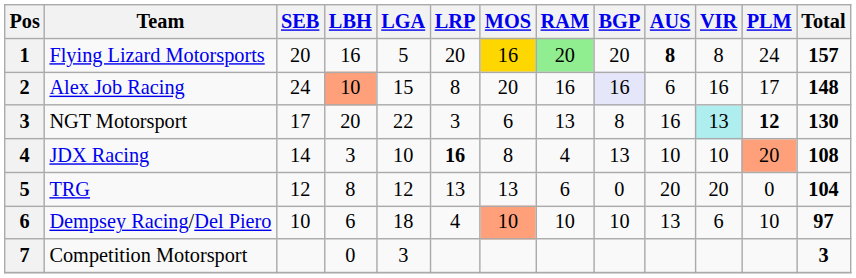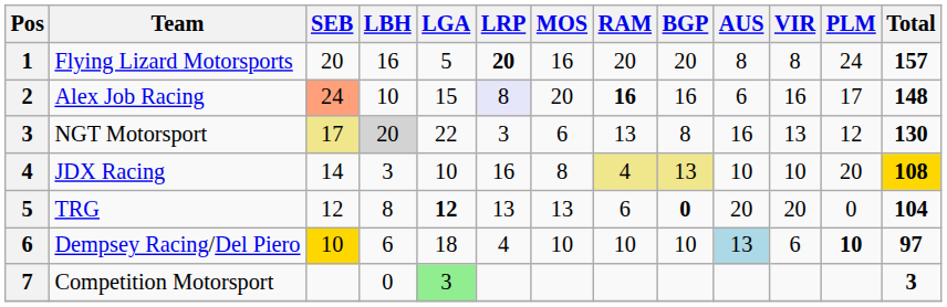 <table class="wikitable" style="font-size: 90%; text-align:center;">
 <tr>
 <th>Pos</th>
 <th>Team</th>
 <th><a href='#'>SEB</a></th>
 <th><a href='#'>LBH</a></th>
 <th><a href='#'>LGA</a></th>
 <th><a href='#'>LRP</a></th>
 <th><a href='#'>MOS</a></th>
 <th><a href='#'>RAM</a></th>
 <th><a href='#'>BGP</a></th>
 <th><a href='#'>AUS</a></th>
 <th><a href='#'>VIR</a></th>
 <th><a href='#'>PLM</a></th>
 <th>Total</th>
 </tr>
 <tr>
 <th>1</th>
 <td align=left> <a href='#'>Flying Lizard Motorsports</a></td>
 <td>20</td>
 <td>16</td>
 <td>5</td>
+<td><strong>20</strong></td>
+<td>16</td>
 <td>20</td>
-<td style="background: gold;">16</td>
-<td style="background: lightgreen;">20</td>
 <td>20</td>
-<td><strong>8</strong></td>
+<td>8</td>
 <td>8</td>
 <td>24</td>
 <td><strong>157</strong></td>
 </tr>
 <tr>
 <th>2</th>
 <td align=left> <a href='#'>Alex Job Racing</a></td>
-<td>24</td>
-<td style="background: lightsalmon;">10</td>
+<td style="background: lightsalmon;">24</td>
+<td>10</td>
 <td>15</td>
-<td>8</td>
+<td style="background: lavender;">8</td>
 <td>20</td>
+<td><strong>16</strong></td>
 <td>16</td>
-<td style="background: lavender;">16</td>
 <td>6</td>
 <td>16</td>
 <td>17</td>
 <td><strong>148</strong></td>
 </tr>
 <tr>
 <th>3</th>
 <td align=left> NGT Motorsport</td>
-<td>17</td>
-<td>20</td>
+<td style="background: khaki;">17</td>
+<td style="background: lightgrey;">20</td>
 <td>22</td>
 <td>3</td>
 <td>6</td>
 <td>13</td>
 <td>8</td>
 <td>16</td>
-<td style="background: paleturquoise;">13</td>
-<td><strong>12</strong></td>
+<td>13</td>
+<td>12</td>
 <td><strong>130</strong></td>
 </tr>
 <tr>
 <th>4</th>
 <td align=left> <a href='#'>JDX Racing</a></td>
 <td>14</td>
 <td>3</td>
 <td>10</td>
-<td><strong>16</strong></td>
+<td>16</td>
 <td>8</td>
-<td>4</td>
-<td>13</td>
+<td style="background: khaki;">4</td>
+<td style="background: khaki;">13</td>
 <td>10</td>
 <td>10</td>
-<td style="background: lightsalmon;">20</td>
-<td><strong>108</strong></td>
+<td>20</td>
+<td style="background: gold;"><strong>108</strong></td>
 </tr>
 <tr>
 <th>5</th>
 <td align=left> <a href='#'>TRG</a></td>
 <td>12</td>
 <td>8</td>
-<td>12</td>
+<td><strong>12</strong></td>
 <td>13</td>
 <td>13</td>
 <td>6</td>
-<td>0</td>
+<td><strong>0</strong></td>
 <td>20</td>
 <td>20</td>
 <td>0</td>
 <td><strong>104</strong></td>
 </tr>
 <tr>
 <th>6</th>
 <td align=left> <a href='#'>Dempsey Racing</a>/<a href='#'>Del Piero</a></td>
-<td>10</td>
+<td style="background: gold;">10</td>
 <td>6</td>
 <td>18</td>
 <td>4</td>
-<td style="background: lightsalmon;">10</td>
 <td>10</td>
 <td>10</td>
-<td>13</td>
+<td>10</td>
+<td style="background: lightblue;">13</td>
 <td>6</td>
-<td>10</td>
+<td><strong>10</strong></td>
 <td><strong>97</strong></td>
 </tr>
 <tr>
 <th>7</th>
 <td align=left> Competition Motorsport</td>
 <td></td>
 <td>0</td>
-<td>3</td>
+<td style="background: lightgreen;">3</td>
 <td></td>
 <td></td>
 <td></td>
 <td></td>
 <td></td>
 <td></td>
 <td></td>
 <td><strong>3</strong></td>
 </tr>
 <tr>
 </tr>
 </table>
